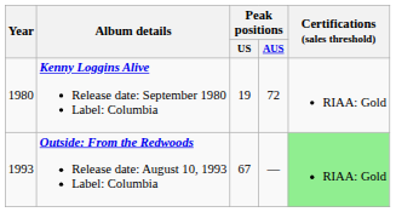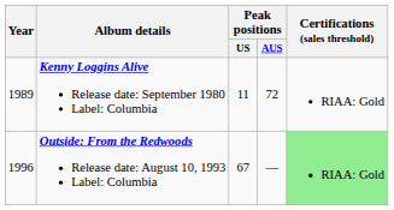 <table class="wikitable" style="text-align:center;">
 <tr>
 <th rowspan="2">Year</th>
 <th rowspan="2">Album details</th>
 <th colspan="2">Peak positions</th>
 <th rowspan="2">Certifications<br><small>(sales threshold)</small></th>
 </tr>
 <tr style="font-size:smaller;">
 <th width="30">US<br></th>
 <th width="30"><a href='#'>AUS</a><br></th>
 </tr>
 <tr>
-<td>1980</td>
+<td>1989</td>
 <td align="left"><strong><em><a href='#'>Kenny Loggins Alive</a></em></strong><br><ul><li>Release date: September 1980</li><li>Label: Columbia</li></ul></td>
-<td>19</td>
+<td>11</td>
 <td>72</td>
 <td align="left"><br><ul><li>RIAA: Gold</li></ul></td>
 </tr>
 <tr>
-<td>1993</td>
+<td>1996</td>
 <td align="left"><strong><em><a href='#'>Outside: From the Redwoods</a></em></strong><br><ul><li>Release date: August 10, 1993</li><li>Label: Columbia</li></ul></td>
 <td>67</td>
 <td>—</td>
 <td align="left" style="background: lightgreen;"><br><ul><li>RIAA: Gold</li></ul></td>
 </tr>
 </table>
